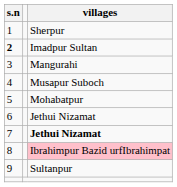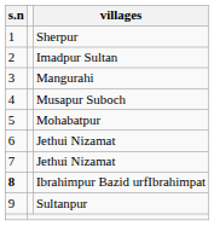 <table class="wikitable">
 <tr>
 <th>s.n</th>
 <td></td>
 <th>villages</th>
 </tr>
 <tr>
 <td>1</td>
 <td></td>
 <td>Sherpur</td>
 </tr>
 <tr>
-<td><strong>2</strong></td>
+<td>2</td>
 <td></td>
 <td>Imadpur Sultan</td>
 </tr>
 <tr>
 <td>3</td>
 <td></td>
 <td>Mangurahi</td>
 </tr>
 <tr>
 <td>4</td>
 <td></td>
 <td>Musapur Suboch</td>
 </tr>
 <tr>
 <td>5</td>
 <td></td>
 <td>Mohabatpur</td>
 </tr>
 <tr>
 <td>6</td>
 <td></td>
 <td>Jethui Nizamat</td>
 </tr>
 <tr>
 <td>7</td>
 <td></td>
-<td><strong>Jethui Nizamat</strong></td>
+<td>Jethui Nizamat</td>
 </tr>
 <tr>
-<td>8</td>
+<td><strong>8</strong></td>
 <td></td>
-<td style="background: pink;">Ibrahimpur Bazid urfIbrahimpat</td>
+<td>Ibrahimpur Bazid urfIbrahimpat</td>
 </tr>
 <tr>
 <td>9</td>
 <td></td>
 <td>Sultanpur</td>
 </tr>
 <tr>
 <td></td>
 </tr>
 </table>
